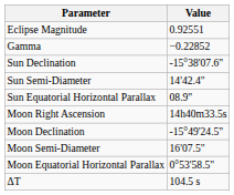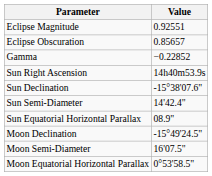 <table class="wikitable">
 <tr>
 <th>Parameter</th>
 <th>Value</th>
 </tr>
 <tr>
 <td>Eclipse Magnitude</td>
 <td>0.92551</td>
 </tr>
 <tr>
+<td>Eclipse Obscuration</td>
+<td>0.85657</td>
+</tr>
+<tr>
 <td>Gamma</td>
 <td>−0.22852</td>
+</tr>
+<tr>
+<td>Sun Right Ascension</td>
+<td>14h40m53.9s</td>
 </tr>
 <tr>
 <td>Sun Declination</td>
 <td>-15°38'07.6"</td>
 </tr>
 <tr>
 <td>Sun Semi-Diameter</td>
 <td>14'42.4"</td>
 </tr>
 <tr>
 <td>Sun Equatorial Horizontal Parallax</td>
 <td>08.9"</td>
 </tr>
 <tr>
-<td>Moon Right Ascension</td>
-<td>14h40m33.5s</td>
-</tr>
-<tr>
 <td>Moon Declination</td>
 <td>-15°49'24.5"</td>
 </tr>
 <tr>
 <td>Moon Semi-Diameter</td>
 <td>16'07.5"</td>
 </tr>
 <tr>
 <td>Moon Equatorial Horizontal Parallax</td>
 <td>0°53'58.5"</td>
 </tr>
-<tr>
-<td>ΔT</td>
-<td>104.5 s</td>
-</tr>
 </table>
